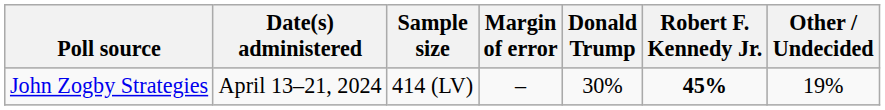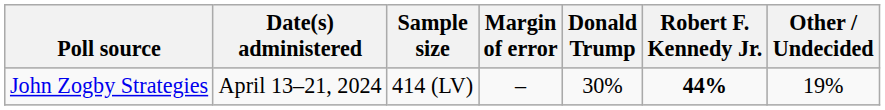 <table class="wikitable sortable mw-datatable" style="font-size:90%;text-align:center;line-height:17px">
 <tr valign=bottom>
 <th>Poll source</th>
 <th>Date(s)<br>administered</th>
 <th>Sample<br>size</th>
 <th>Margin<br>of error</th>
 <th class="unsortable">Donald<br>Trump<br></th>
 <th class="unsortable">Robert F.<br>Kennedy Jr.<br></th>
 <th class="unsortable">Other /<br>Undecided</th>
 </tr>
 <tr>
 <td style="text-align:left;"><a href='#'>John Zogby Strategies</a></td>
 <td data-sort-value="2024-05-01">April 13–21, 2024</td>
 <td>414 (LV)</td>
 <td>–</td>
 <td>30%</td>
-<td style="background-color:"><strong>45%</strong></td>
+<td style="background-color:"><strong>44%</strong></td>
 <td>19%</td>
 </tr>
 </table>
